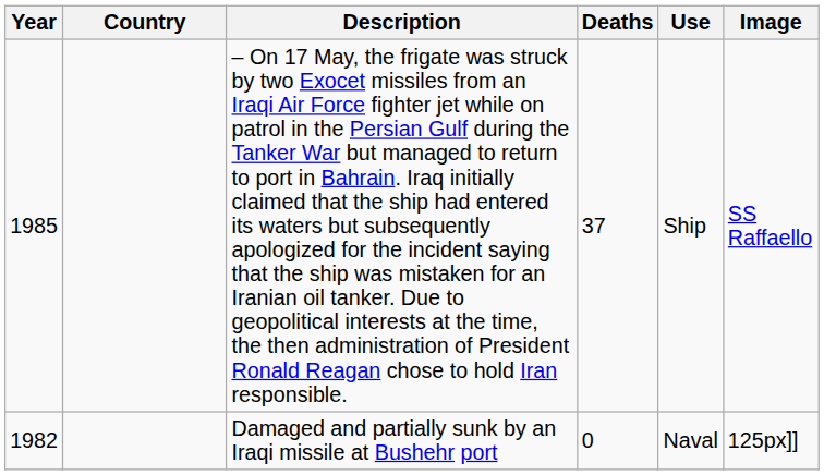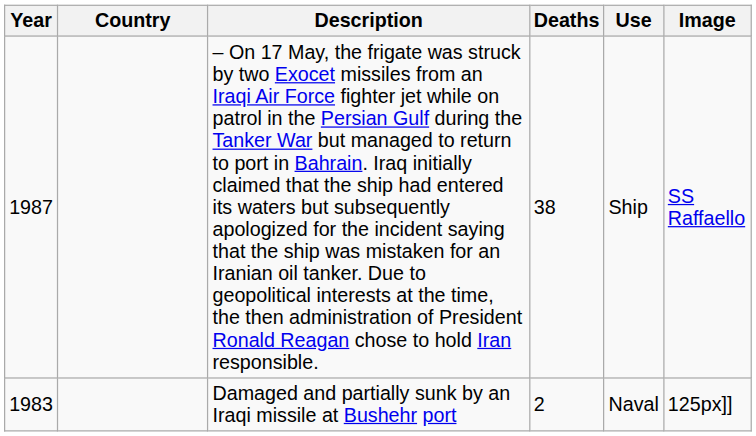 <table class="wikitable sortable" style="display: inline-table">
 <tr>
 <th data-sort-type="number">Year</th>
 <th width="115px">Country</th>
 <th class="unsortable">Description</th>
 <th data-sort-type="number">Deaths</th>
 <th>Use</th>
 <th class="unsortable">Image</th>
 </tr>
 <tr>
-<td>1985</td>
+<td>1987</td>
 <td></td>
 <td> – On 17 May, the frigate was struck by two <a href='#'>Exocet</a> missiles from an <a href='#'>Iraqi Air Force</a> fighter jet while on patrol in the <a href='#'>Persian Gulf</a> during the <a href='#'>Tanker War</a> but managed to return to port in <a href='#'>Bahrain</a>. Iraq initially claimed that the ship had entered its waters but subsequently apologized for the incident saying that the ship was mistaken for an Iranian oil tanker. Due to geopolitical interests at the time, the then administration of President <a href='#'>Ronald Reagan</a> chose to hold <a href='#'>Iran</a> responsible.</td>
-<td>37</td>
+<td>38</td>
 <td>Ship</td>
 <td><a href='#'>SS Raffaello</a></td>
 </tr>
 <tr>
-<td>1982</td>
+<td>1983</td>
 <td></td>
 <td>Damaged and partially sunk by an Iraqi missile at <a href='#'>Bushehr</a> <a href='#'>port</a></td>
-<td>0</td>
+<td>2</td>
 <td>Naval</td>
 <td [[File:USS Stark.jpg>125px]]</td>
 </tr>
 </table>
